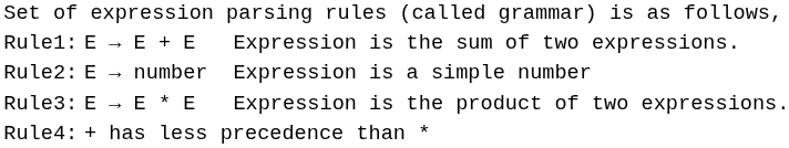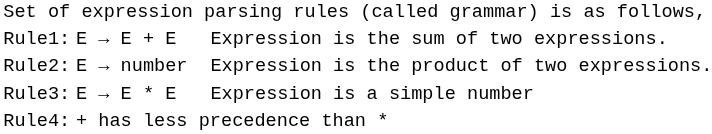 <table class="toccolours">
 <tr>
 <td colspan=3>Set of expression parsing rules (called grammar) is as follows,</td>
 </tr>
 <tr>
 <td>Rule1:</td>
 <td>E → E + E</td>
 <td style="padding-left:1em">Expression is the sum of two expressions.</td>
 </tr>
 <tr>
 <td>Rule2:</td>
 <td>E → number</td>
-<td style="padding-left:1em">Expression is a simple number</td>
+<td style="padding-left:1em">Expression is the product of two expressions.</td>
 </tr>
 <tr>
 <td>Rule3:</td>
 <td>E → E * E</td>
-<td style="padding-left:1em">Expression is the product of two expressions.</td>
+<td style="padding-left:1em">Expression is a simple number</td>
 </tr>
 <tr>
 <td>Rule4:</td>
 <td colspan=2>+ has less precedence than *</td>
 </tr>
 </table>
